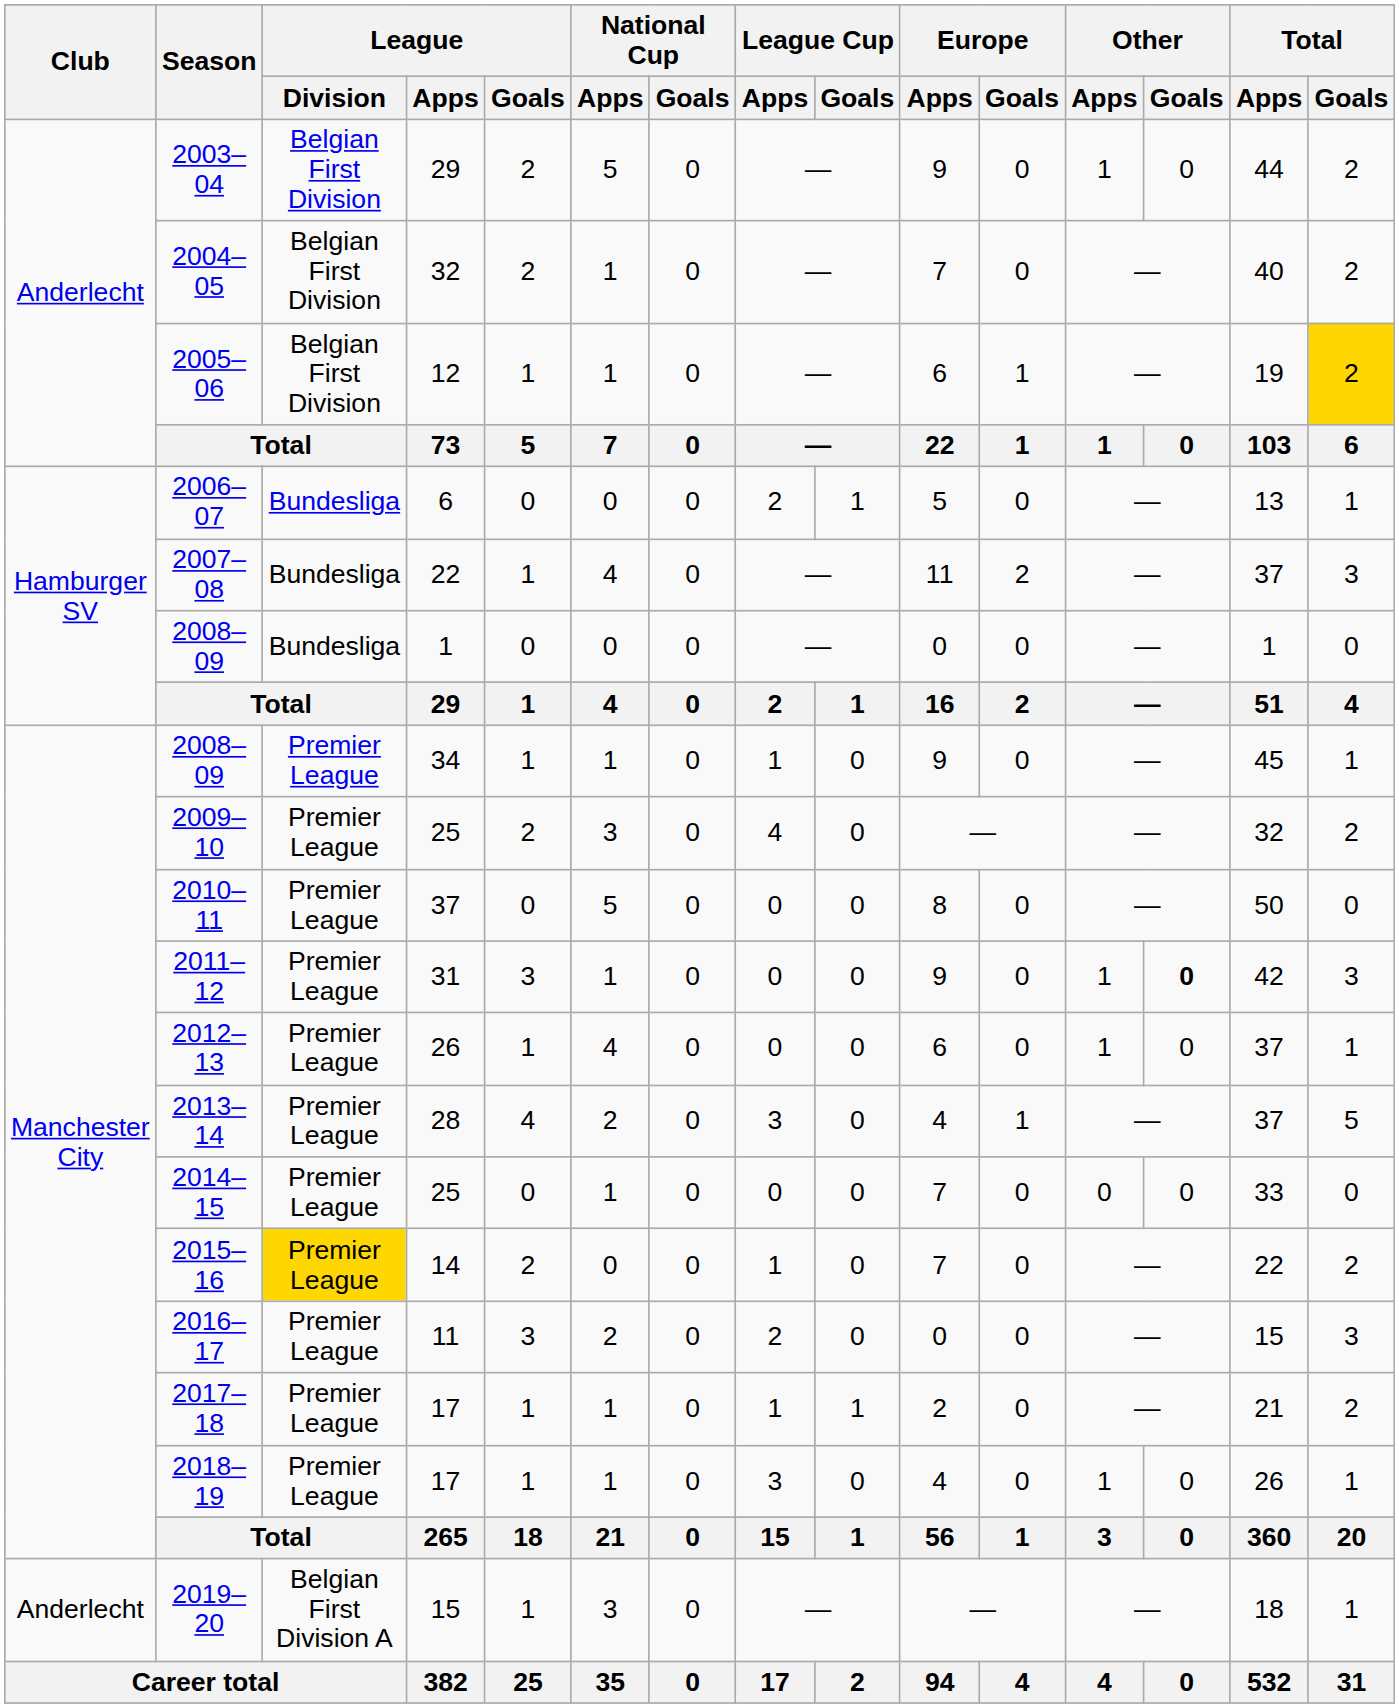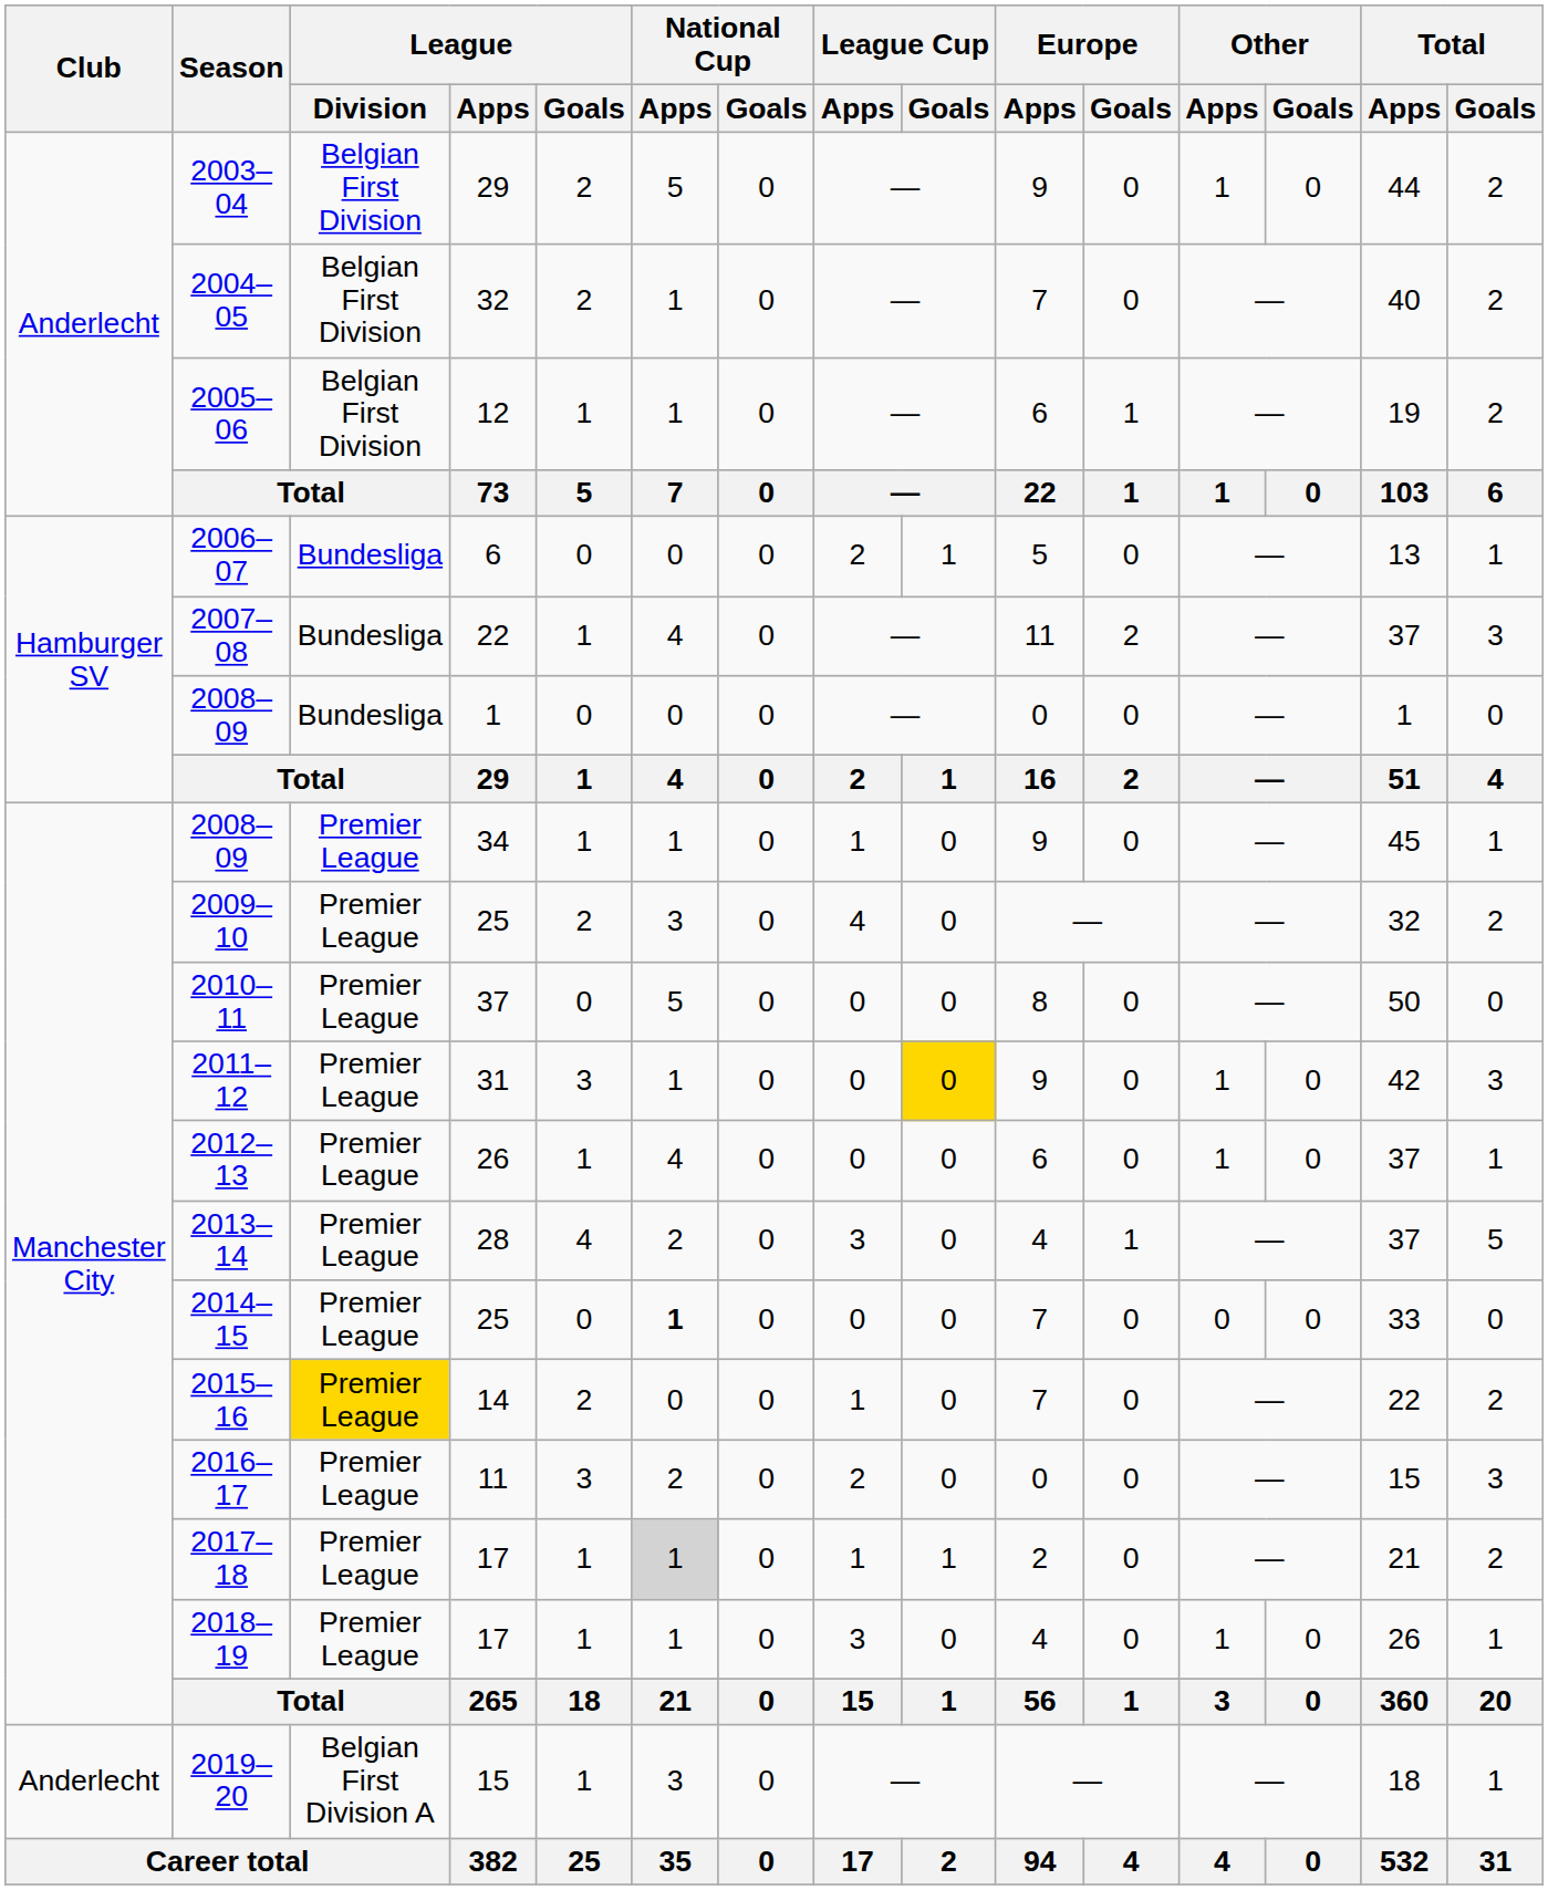 <table class="wikitable" style="text-align: center;">
 <tr>
 <th rowspan="2">Club</th>
 <th rowspan="2">Season</th>
 <th colspan="3">League</th>
 <th colspan="2">National Cup</th>
 <th colspan="2">League Cup</th>
 <th colspan="2">Europe</th>
 <th colspan="2">Other</th>
 <th colspan="2">Total</th>
 </tr>
 <tr>
 <th>Division</th>
 <th>Apps</th>
 <th>Goals</th>
 <th>Apps</th>
 <th>Goals</th>
 <th>Apps</th>
 <th>Goals</th>
 <th>Apps</th>
 <th>Goals</th>
 <th>Apps</th>
 <th>Goals</th>
 <th>Apps</th>
 <th>Goals</th>
 </tr>
 <tr>
 <td rowspan="4"><a href='#'>Anderlecht</a></td>
 <td><a href='#'>2003–04</a></td>
 <td><a href='#'>Belgian First Division</a></td>
 <td>29</td>
 <td>2</td>
 <td>5</td>
 <td>0</td>
 <td colspan="2">—</td>
 <td>9</td>
 <td>0</td>
 <td>1</td>
 <td>0</td>
 <td>44</td>
 <td>2</td>
 </tr>
 <tr>
 <td><a href='#'>2004–05</a></td>
 <td>Belgian First Division</td>
 <td>32</td>
 <td>2</td>
 <td>1</td>
 <td>0</td>
 <td colspan="2">—</td>
 <td>7</td>
 <td>0</td>
 <td colspan="2">—</td>
 <td>40</td>
 <td>2</td>
 </tr>
 <tr>
 <td><a href='#'>2005–06</a></td>
 <td>Belgian First Division</td>
 <td>12</td>
 <td>1</td>
 <td>1</td>
 <td>0</td>
 <td colspan="2">—</td>
 <td>6</td>
 <td>1</td>
 <td colspan="2">—</td>
 <td>19</td>
-<td style="background: gold;">2</td>
+<td>2</td>
 </tr>
 <tr>
 <th colspan="2">Total</th>
 <th>73</th>
 <th>5</th>
 <th>7</th>
 <th>0</th>
 <th colspan="2">—</th>
 <th>22</th>
 <th>1</th>
 <th>1</th>
 <th>0</th>
 <th>103</th>
 <th>6</th>
 </tr>
 <tr>
 <td rowspan="4"><a href='#'>Hamburger SV</a></td>
 <td><a href='#'>2006–07</a></td>
 <td><a href='#'>Bundesliga</a></td>
 <td>6</td>
 <td>0</td>
 <td>0</td>
 <td>0</td>
 <td>2</td>
 <td>1</td>
 <td>5</td>
 <td>0</td>
 <td colspan="2">—</td>
 <td>13</td>
 <td>1</td>
 </tr>
 <tr>
 <td><a href='#'>2007–08</a></td>
 <td>Bundesliga</td>
 <td>22</td>
 <td>1</td>
 <td>4</td>
 <td>0</td>
 <td colspan="2">—</td>
 <td>11</td>
 <td>2</td>
 <td colspan="2">—</td>
 <td>37</td>
 <td>3</td>
 </tr>
 <tr>
 <td><a href='#'>2008–09</a></td>
 <td>Bundesliga</td>
 <td>1</td>
 <td>0</td>
 <td>0</td>
 <td>0</td>
 <td colspan="2">—</td>
 <td>0</td>
 <td>0</td>
 <td colspan="2">—</td>
 <td>1</td>
 <td>0</td>
 </tr>
 <tr>
 <th colspan="2">Total</th>
 <th>29</th>
 <th>1</th>
 <th>4</th>
 <th>0</th>
 <th>2</th>
 <th>1</th>
 <th>16</th>
 <th>2</th>
 <th colspan="2">—</th>
 <th>51</th>
 <th>4</th>
 </tr>
 <tr>
 <td rowspan="12"><a href='#'>Manchester City</a></td>
 <td><a href='#'>2008–09</a></td>
 <td><a href='#'>Premier League</a></td>
 <td>34</td>
 <td>1</td>
 <td>1</td>
 <td>0</td>
 <td>1</td>
 <td>0</td>
 <td>9</td>
 <td>0</td>
 <td colspan="2">—</td>
 <td>45</td>
 <td>1</td>
 </tr>
 <tr>
 <td><a href='#'>2009–10</a></td>
 <td>Premier League</td>
 <td>25</td>
 <td>2</td>
 <td>3</td>
 <td>0</td>
 <td>4</td>
 <td>0</td>
 <td colspan="2">—</td>
 <td colspan="2">—</td>
 <td>32</td>
 <td>2</td>
 </tr>
 <tr>
 <td><a href='#'>2010–11</a></td>
 <td>Premier League</td>
 <td>37</td>
 <td>0</td>
 <td>5</td>
 <td>0</td>
 <td>0</td>
 <td>0</td>
 <td>8</td>
 <td>0</td>
 <td colspan="2">—</td>
 <td>50</td>
 <td>0</td>
 </tr>
 <tr>
 <td><a href='#'>2011–12</a></td>
 <td>Premier League</td>
 <td>31</td>
 <td>3</td>
 <td>1</td>
 <td>0</td>
 <td>0</td>
-<td>0</td>
+<td style="background: gold;">0</td>
 <td>9</td>
 <td>0</td>
 <td>1</td>
-<td><strong>0</strong></td>
+<td>0</td>
 <td>42</td>
 <td>3</td>
 </tr>
 <tr>
 <td><a href='#'>2012–13</a></td>
 <td>Premier League</td>
 <td>26</td>
 <td>1</td>
 <td>4</td>
 <td>0</td>
 <td>0</td>
 <td>0</td>
 <td>6</td>
 <td>0</td>
 <td>1</td>
 <td>0</td>
 <td>37</td>
 <td>1</td>
 </tr>
 <tr>
 <td><a href='#'>2013–14</a></td>
 <td>Premier League</td>
 <td>28</td>
 <td>4</td>
 <td>2</td>
 <td>0</td>
 <td>3</td>
 <td>0</td>
 <td>4</td>
 <td>1</td>
 <td colspan="2">—</td>
 <td>37</td>
 <td>5</td>
 </tr>
 <tr>
 <td><a href='#'>2014–15</a></td>
 <td>Premier League</td>
 <td>25</td>
 <td>0</td>
-<td>1</td>
+<td><strong>1</strong></td>
 <td>0</td>
 <td>0</td>
 <td>0</td>
 <td>7</td>
 <td>0</td>
 <td>0</td>
 <td>0</td>
 <td>33</td>
 <td>0</td>
 </tr>
 <tr>
 <td><a href='#'>2015–16</a></td>
 <td style="background: gold;">Premier League</td>
 <td>14</td>
 <td>2</td>
 <td>0</td>
 <td>0</td>
 <td>1</td>
 <td>0</td>
 <td>7</td>
 <td>0</td>
 <td colspan="2">—</td>
 <td>22</td>
 <td>2</td>
 </tr>
 <tr>
 <td><a href='#'>2016–17</a></td>
 <td>Premier League</td>
 <td>11</td>
 <td>3</td>
 <td>2</td>
 <td>0</td>
 <td>2</td>
 <td>0</td>
 <td>0</td>
 <td>0</td>
 <td colspan="2">—</td>
 <td>15</td>
 <td>3</td>
 </tr>
 <tr>
 <td><a href='#'>2017–18</a></td>
 <td>Premier League</td>
 <td>17</td>
 <td>1</td>
-<td>1</td>
+<td style="background: lightgrey;">1</td>
 <td>0</td>
 <td>1</td>
 <td>1</td>
 <td>2</td>
 <td>0</td>
 <td colspan="2">—</td>
 <td>21</td>
 <td>2</td>
 </tr>
 <tr>
 <td><a href='#'>2018–19</a></td>
 <td>Premier League</td>
 <td>17</td>
 <td>1</td>
 <td>1</td>
 <td>0</td>
 <td>3</td>
 <td>0</td>
 <td>4</td>
 <td>0</td>
 <td>1</td>
 <td>0</td>
 <td>26</td>
 <td>1</td>
 </tr>
 <tr>
 <th colspan="2">Total</th>
 <th>265</th>
 <th>18</th>
 <th>21</th>
 <th>0</th>
 <th>15</th>
 <th>1</th>
 <th>56</th>
 <th>1</th>
 <th>3</th>
 <th>0</th>
 <th>360</th>
 <th>20</th>
 </tr>
 <tr>
 <td>Anderlecht</td>
 <td><a href='#'>2019–20</a></td>
 <td>Belgian First Division A</td>
 <td>15</td>
 <td>1</td>
 <td>3</td>
 <td>0</td>
 <td colspan="2">—</td>
 <td colspan="2">—</td>
 <td colspan="2">—</td>
 <td>18</td>
 <td>1</td>
 </tr>
 <tr>
 <th colspan="3">Career total</th>
 <th>382</th>
 <th>25</th>
 <th>35</th>
 <th>0</th>
 <th>17</th>
 <th>2</th>
 <th>94</th>
 <th>4</th>
 <th>4</th>
 <th>0</th>
 <th>532</th>
 <th>31</th>
 </tr>
 </table>
